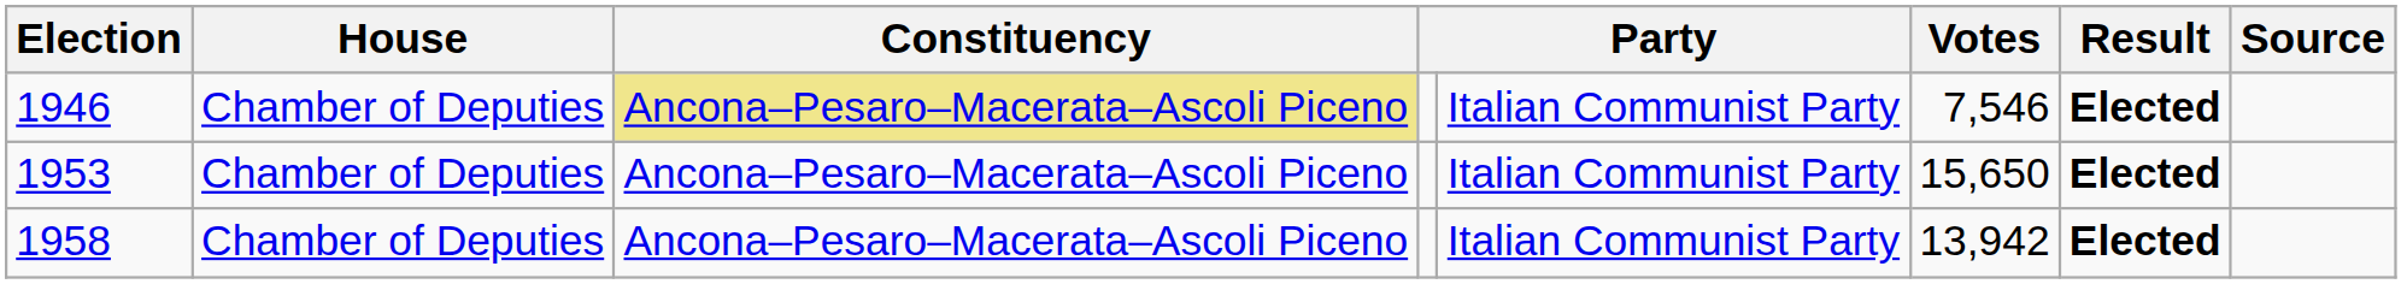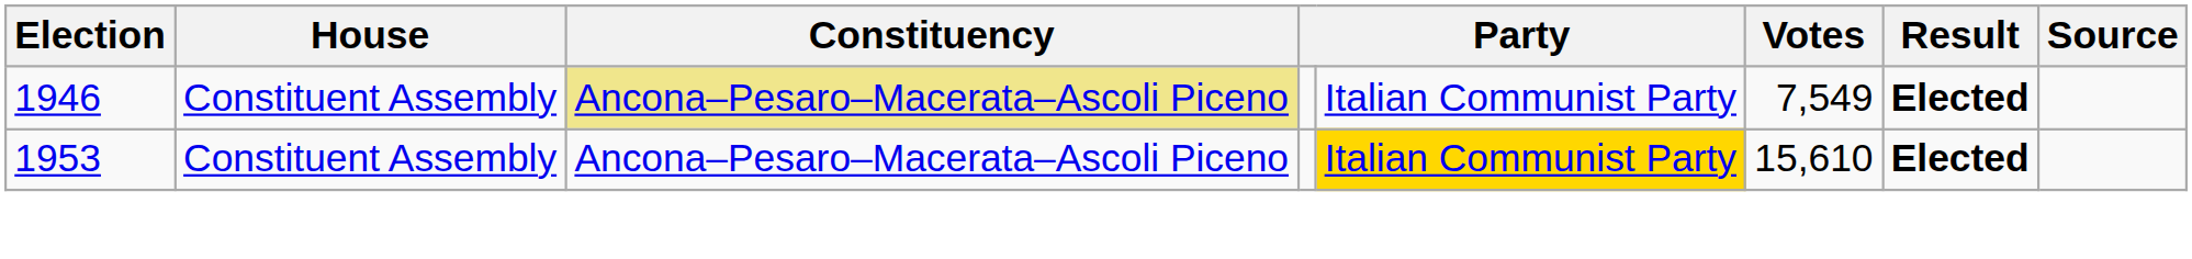 <table class=wikitable>
 <tr>
 <th>Election</th>
 <th>House</th>
 <th>Constituency</th>
 <th colspan=2>Party</th>
 <th>Votes</th>
 <th>Result</th>
 <th>Source</th>
 </tr>
 <tr>
 <td><a href='#'>1946</a></td>
-<td><a href='#'>Chamber of Deputies</a></td>
+<td><a href='#'>Constituent Assembly</a></td>
 <td style="background: khaki;"><a href='#'>Ancona–Pesaro–Macerata–Ascoli Piceno</a></td>
 <td></td>
 <td><a href='#'>Italian Communist Party</a></td>
-<td align=right>7,546</td>
+<td align=right>7,549</td>
 <td> <strong>Elected</strong></td>
 <td></td>
 </tr>
 <tr>
 <td><a href='#'>1953</a></td>
-<td><a href='#'>Chamber of Deputies</a></td>
+<td><a href='#'>Constituent Assembly</a></td>
 <td><a href='#'>Ancona–Pesaro–Macerata–Ascoli Piceno</a></td>
 <td></td>
-<td><a href='#'>Italian Communist Party</a></td>
-<td align=right>15,650</td>
-<td> <strong>Elected</strong></td>
-<td></td>
-</tr>
-<tr>
-<td><a href='#'>1958</a></td>
-<td><a href='#'>Chamber of Deputies</a></td>
-<td><a href='#'>Ancona–Pesaro–Macerata–Ascoli Piceno</a></td>
-<td></td>
-<td><a href='#'>Italian Communist Party</a></td>
-<td align=right>13,942</td>
+<td style="background: gold;"><a href='#'>Italian Communist Party</a></td>
+<td align=right>15,610</td>
 <td> <strong>Elected</strong></td>
 <td></td>
 </tr>
 </table>
